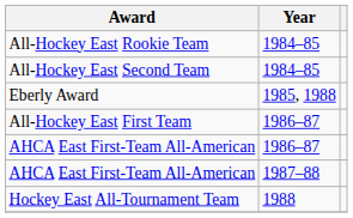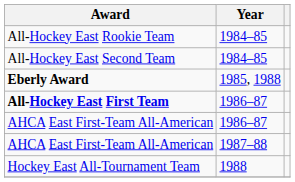 <table class="wikitable">
 <tr>
 <th>Award</th>
 <th>Year</th>
 <th></th>
 </tr>
 <tr>
 <td>All-<a href='#'>Hockey East</a> <a href='#'>Rookie Team</a></td>
 <td><a href='#'>1984–85</a></td>
 <td></td>
 </tr>
 <tr>
 <td>All-<a href='#'>Hockey East</a> <a href='#'>Second Team</a></td>
 <td><a href='#'>1984–85</a></td>
 <td></td>
 </tr>
 <tr>
-<td>Eberly Award</td>
+<td><strong>Eberly Award</strong></td>
 <td><a href='#'>1985</a>, <a href='#'>1988</a></td>
 <td></td>
 </tr>
 <tr>
-<td>All-<a href='#'>Hockey East</a> <a href='#'>First Team</a></td>
+<td><strong>All-<a href='#'>Hockey East</a> <a href='#'>First Team</a></strong></td>
 <td><a href='#'>1986–87</a></td>
 <td></td>
 </tr>
 <tr>
 <td><a href='#'>AHCA</a> <a href='#'>East First-Team All-American</a></td>
 <td><a href='#'>1986–87</a></td>
 <td></td>
 </tr>
 <tr>
 <td><a href='#'>AHCA</a> <a href='#'>East First-Team All-American</a></td>
 <td><a href='#'>1987–88</a></td>
 <td></td>
 </tr>
 <tr>
 <td><a href='#'>Hockey East</a> <a href='#'>All-Tournament Team</a></td>
 <td><a href='#'>1988</a></td>
 <td></td>
 </tr>
 <tr>
 </tr>
 </table>
